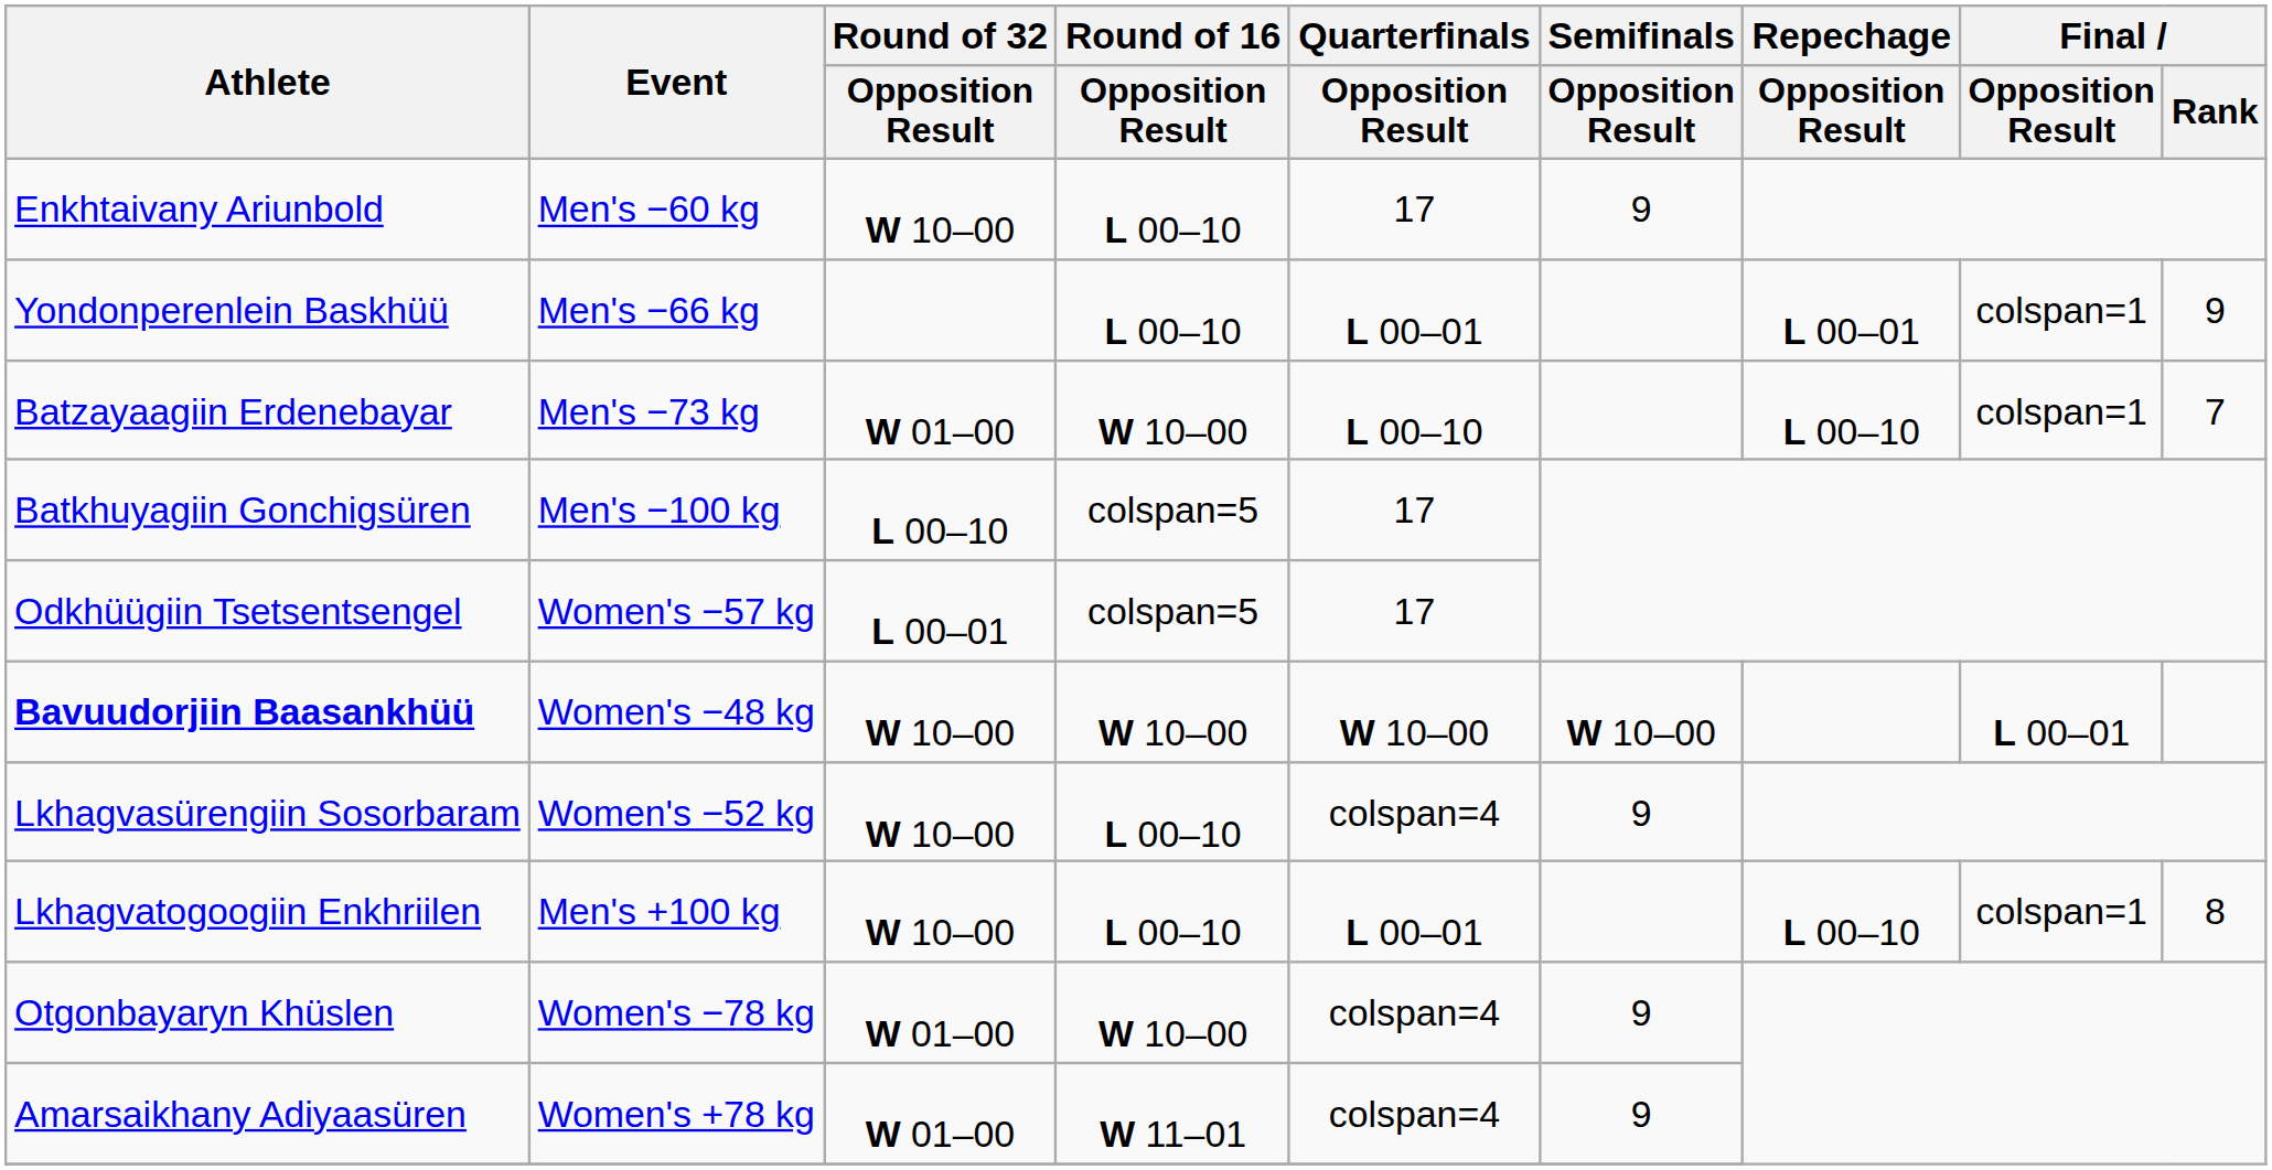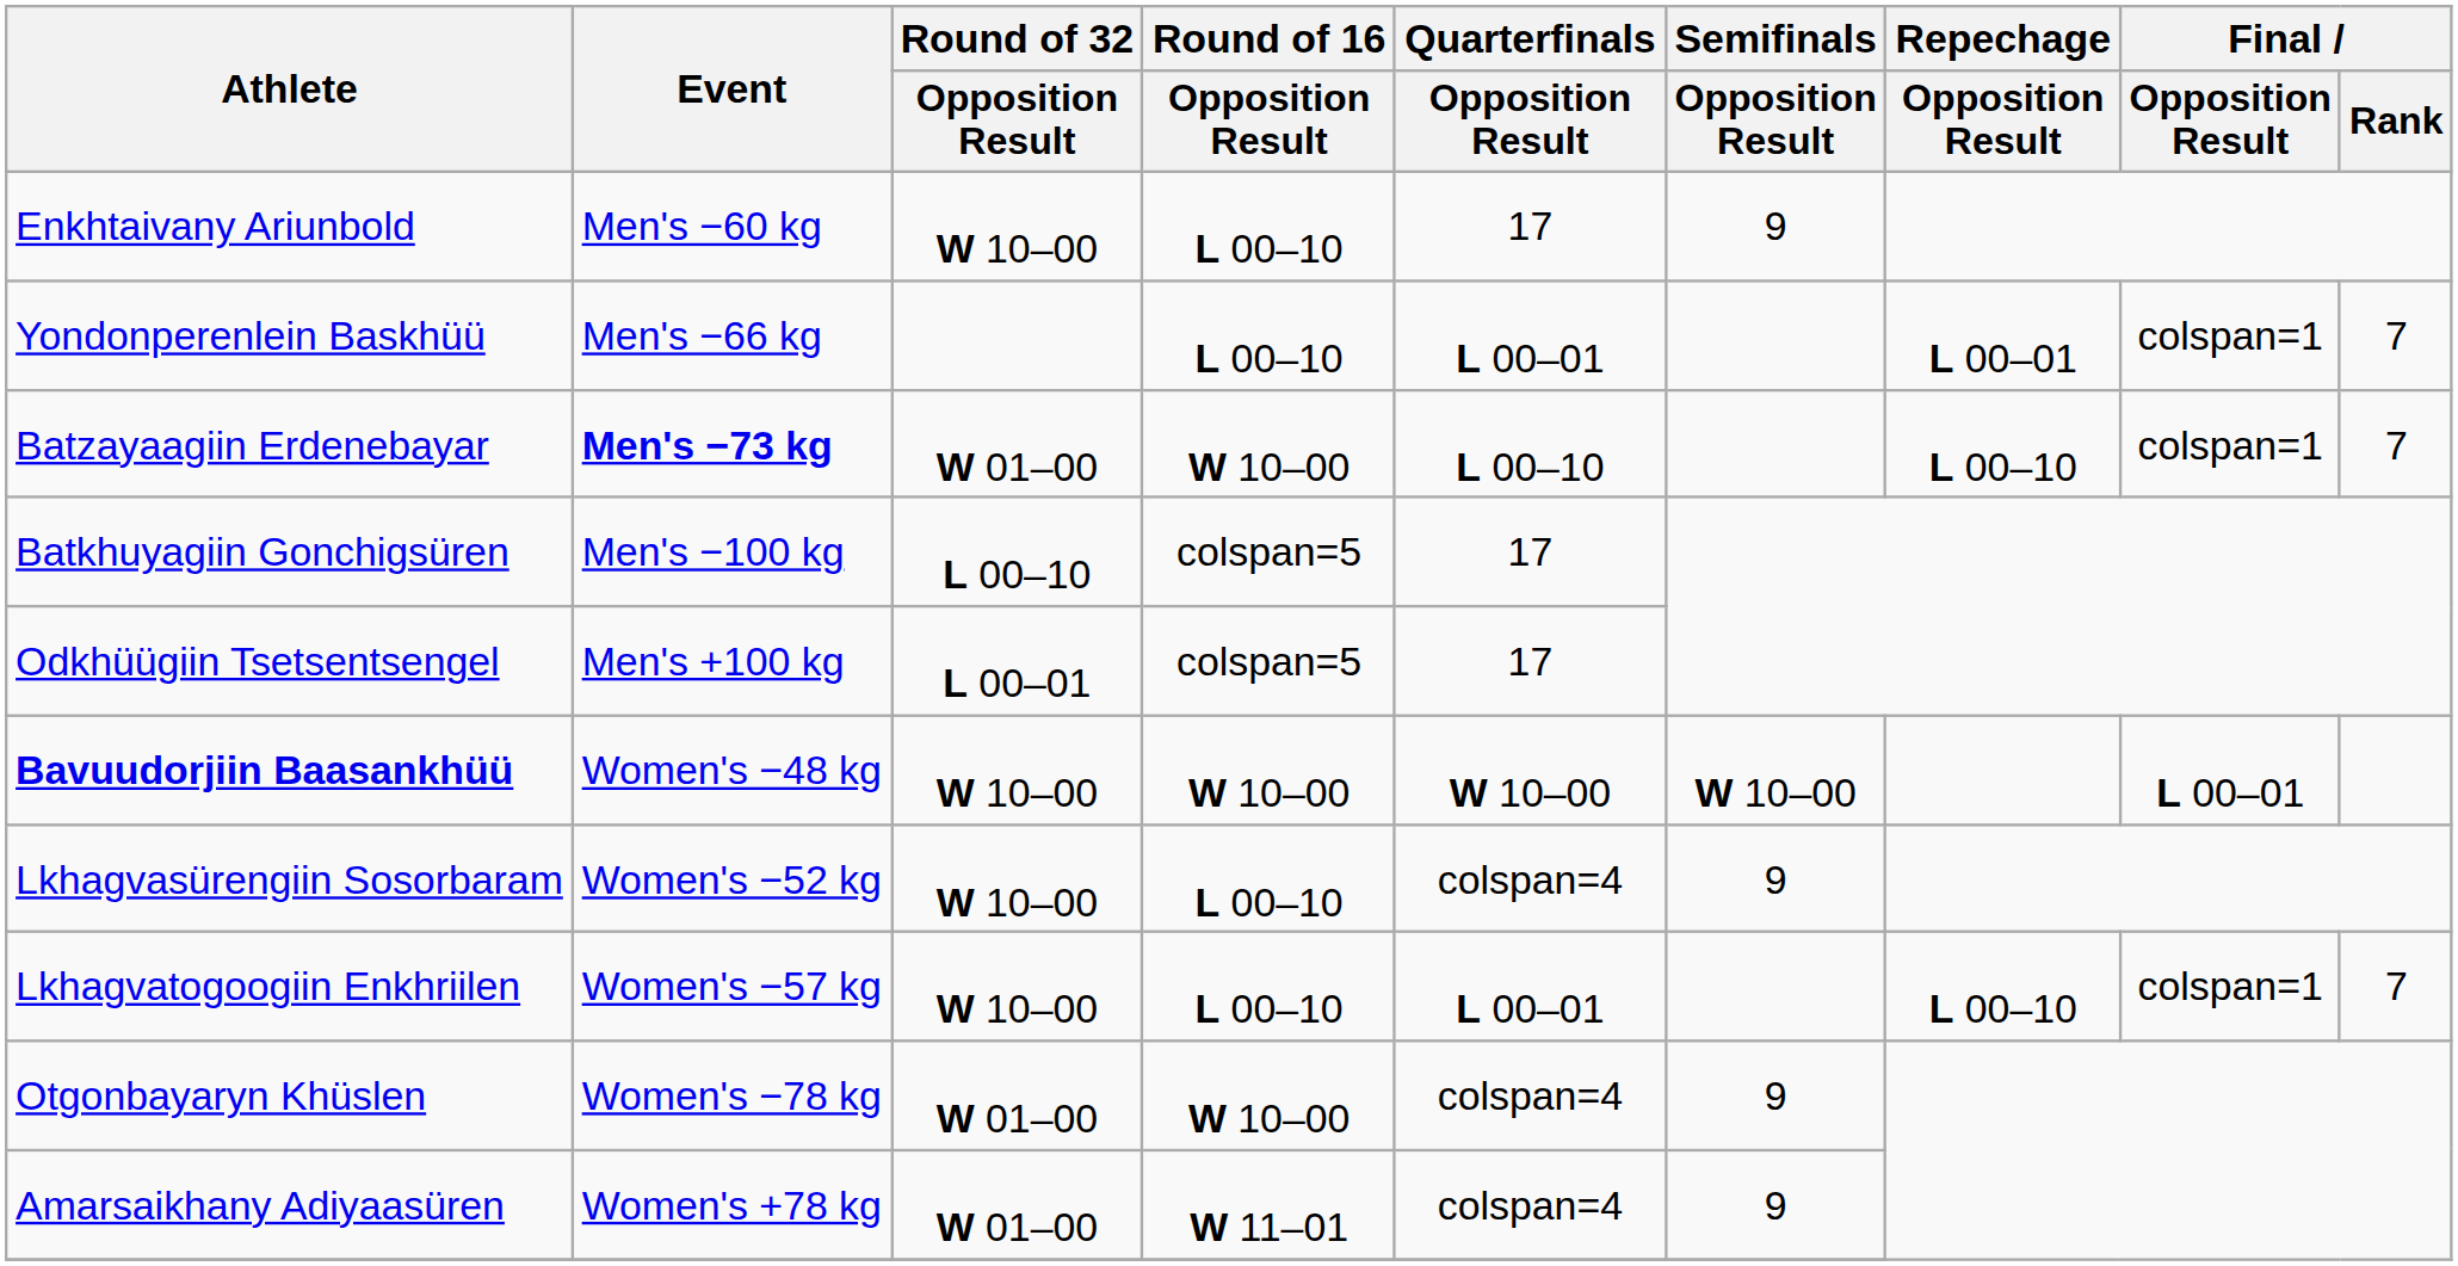 <table class=wikitable style=font-size:90%;text-align:center>
 <tr>
 <th rowspan=2>Athlete</th>
 <th rowspan=2>Event</th>
 <th>Round of 32</th>
 <th>Round of 16</th>
 <th>Quarterfinals</th>
 <th>Semifinals</th>
 <th>Repechage</th>
 <th colspan=2>Final / </th>
 </tr>
 <tr style=font-size:95%>
 <th>Opposition<br>Result</th>
 <th>Opposition<br>Result</th>
 <th>Opposition<br>Result</th>
 <th>Opposition<br>Result</th>
 <th>Opposition<br>Result</th>
 <th>Opposition<br>Result</th>
 <th>Rank</th>
 </tr>
 <tr align=center>
 <td align=left><a href='#'>Enkhtaivany Ariunbold</a></td>
 <td align=left><a href='#'>Men's −60 kg</a></td>
 <td><br><strong>W</strong> 10–00</td>
 <td><br><strong>L</strong> 00–10</td>
 <td>17</td>
 <td>9</td>
 </tr>
 <tr align=center>
 <td align=left><a href='#'>Yondonperenlein Baskhüü</a></td>
 <td align=left><a href='#'>Men's −66 kg</a></td>
 <td></td>
 <td><br><strong>L</strong> 00–10</td>
 <td><br><strong>L</strong> 00–01</td>
 <td></td>
 <td><br><strong>L</strong> 00–01</td>
 <td>colspan=1</td>
-<td>9</td>
+<td>7</td>
 </tr>
 <tr align=center>
 <td align=left><a href='#'>Batzayaagiin Erdenebayar</a></td>
-<td align=left><a href='#'>Men's −73 kg</a></td>
+<td align=left><strong><a href='#'>Men's −73 kg</a></strong></td>
 <td><br><strong>W</strong> 01–00</td>
 <td><br><strong>W</strong> 10–00</td>
 <td><br><strong>L</strong> 00–10</td>
 <td></td>
 <td><br><strong>L</strong> 00–10</td>
 <td>colspan=1</td>
 <td>7</td>
 </tr>
 <tr align=center>
 <td align=left><a href='#'>Batkhuyagiin Gonchigsüren</a></td>
 <td align=left><a href='#'>Men's −100 kg</a></td>
 <td><br><strong>L</strong> 00–10</td>
 <td>colspan=5</td>
 <td>17</td>
 </tr>
 <tr align=center>
 <td align=left><a href='#'>Odkhüügiin Tsetsentsengel</a></td>
-<td align=left><a href='#'>Women's −57 kg</a></td>
+<td align=left><a href='#'>Men's +100 kg</a></td>
 <td><br><strong>L</strong> 00–01</td>
 <td>colspan=5</td>
 <td>17</td>
 </tr>
 <tr align=center>
 <td align=left><strong><a href='#'>Bavuudorjiin Baasankhüü</a></strong></td>
 <td align=left><a href='#'>Women's −48 kg</a></td>
 <td><br><strong>W</strong> 10–00</td>
 <td><br><strong>W</strong> 10–00</td>
 <td><br><strong>W</strong> 10–00</td>
 <td><br><strong>W</strong> 10–00</td>
 <td></td>
 <td><br><strong>L</strong> 00–01</td>
 <td></td>
 </tr>
 <tr align=center>
 <td align=left><a href='#'>Lkhagvasürengiin Sosorbaram</a></td>
 <td align=left><a href='#'>Women's −52 kg</a></td>
 <td><br><strong>W</strong> 10–00</td>
 <td><br><strong>L</strong> 00–10</td>
 <td>colspan=4</td>
 <td>9</td>
 </tr>
 <tr align=center>
 <td align=left><a href='#'>Lkhagvatogoogiin Enkhriilen</a></td>
-<td align=left><a href='#'>Men's +100 kg</a></td>
+<td align=left><a href='#'>Women's −57 kg</a></td>
 <td><br><strong>W</strong> 10–00</td>
 <td><br><strong>L</strong> 00–10</td>
 <td><br><strong>L</strong> 00–01</td>
 <td></td>
 <td><br><strong>L</strong> 00–10</td>
 <td>colspan=1</td>
-<td>8</td>
+<td>7</td>
 </tr>
 <tr align=center>
 <td align=left><a href='#'>Otgonbayaryn Khüslen</a></td>
 <td align=left><a href='#'>Women's −78 kg</a></td>
 <td><br><strong>W</strong> 01–00</td>
 <td><br><strong>W</strong> 10–00</td>
 <td>colspan=4</td>
 <td>9</td>
 </tr>
 <tr align=center>
 <td align=left><a href='#'>Amarsaikhany Adiyaasüren</a></td>
 <td align=left><a href='#'>Women's +78 kg</a></td>
 <td><br><strong>W</strong> 01–00</td>
 <td><br><strong>W</strong> 11–01</td>
 <td>colspan=4</td>
 <td>9</td>
 </tr>
 <tr align=center>
 </tr>
 </table>
